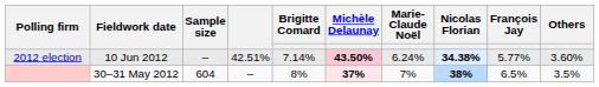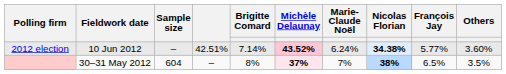 <table class="wikitable sortable" style="text-align:center;font-size:90%;line-height:14px;">
 <tr style="height:40px;">
 <th style="width:100px;" rowspan="2">Polling firm</th>
 <th style="width:110px;" rowspan="2">Fieldwork date</th>
 <th style="width:35px;" rowspan="2">Sample<br>size</th>
 <th style="width:30px;" rowspan="2"></th>
 <th class="unsortable" style="width:60px;">Brigitte Comard<br></th>
 <th class="unsortable" style="width:60px;"><a href='#'>Michèle Delaunay</a><br></th>
 <th class="unsortable" style="width:60px;">Marie-Claude Noël<br></th>
 <th class="unsortable" style="width:60px;">Nicolas Florian<br></th>
 <th class="unsortable" style="width:60px;">François Jay<br></th>
 <th class="unsortable" style="width:60px;">Others</th>
 </tr>
 <tr>
 <th style="background:"></th>
 <th style="background:"></th>
 <th style="background:"></th>
 <th style="background:"></th>
 <th style="background:"></th>
 <th style="background:"></th>
 </tr>
 <tr style="background:#E9E9E9;">
 <td><a href='#'>2012 election</a></td>
 <td data-sort-value="2012-06-10">10 Jun 2012</td>
 <td>–</td>
 <td>42.51%</td>
 <td>7.14%</td>
-<td style="background:#FFC6D5;"><strong>43.50%</strong></td>
+<td style="background:#FFC6D5;"><strong>43.52%</strong></td>
 <td>6.24%</td>
 <td style="background:#DFEEFF;"><strong>34.38%</strong></td>
 <td>5.77%</td>
 <td>3.60%</td>
 </tr>
 <tr>
 <td style="background:#FFCCCC;"></td>
 <td data-sort-value="2012-05-31">30–31 May 2012</td>
 <td>604</td>
 <td>–</td>
 <td>8%</td>
 <td style="background:#FFE6EC;"><strong>37%</strong></td>
 <td>7%</td>
 <td style="background:#B9DAFF;"><strong>38%</strong></td>
 <td>6.5%</td>
 <td>3.5%</td>
 </tr>
 </table>
